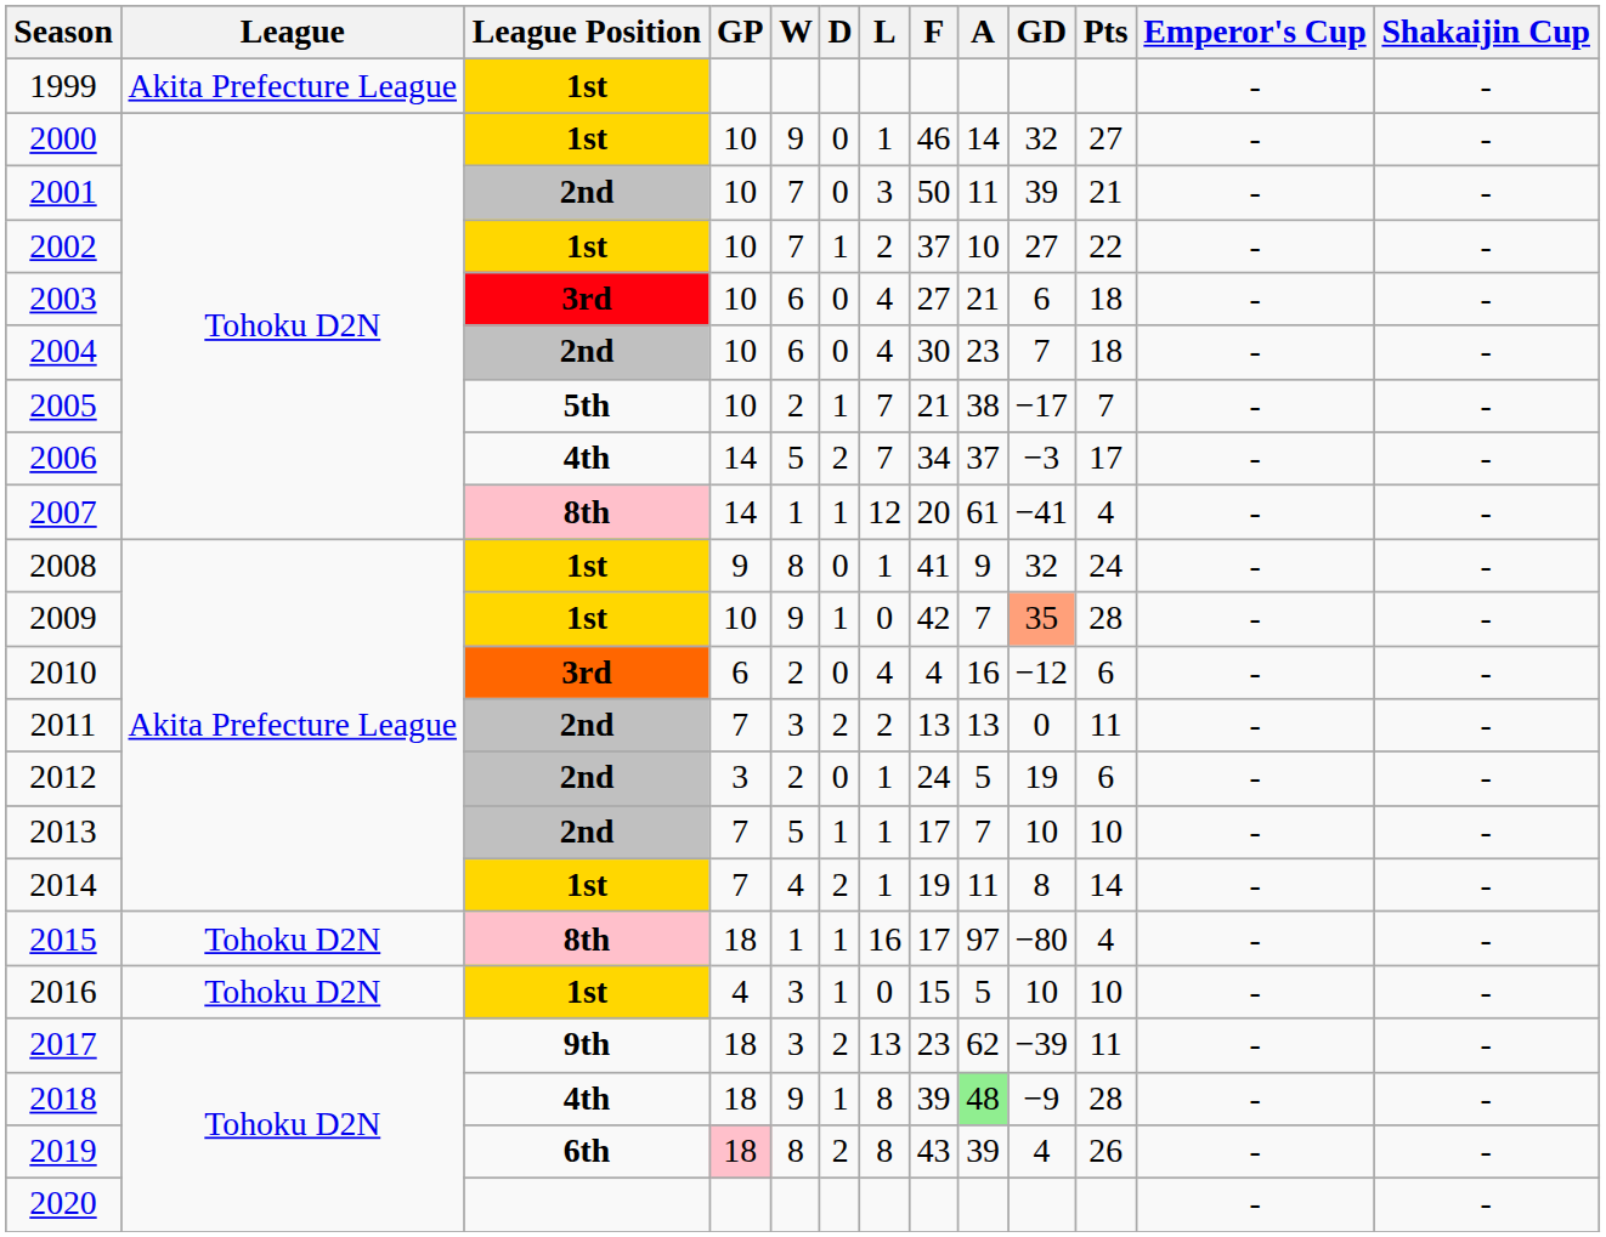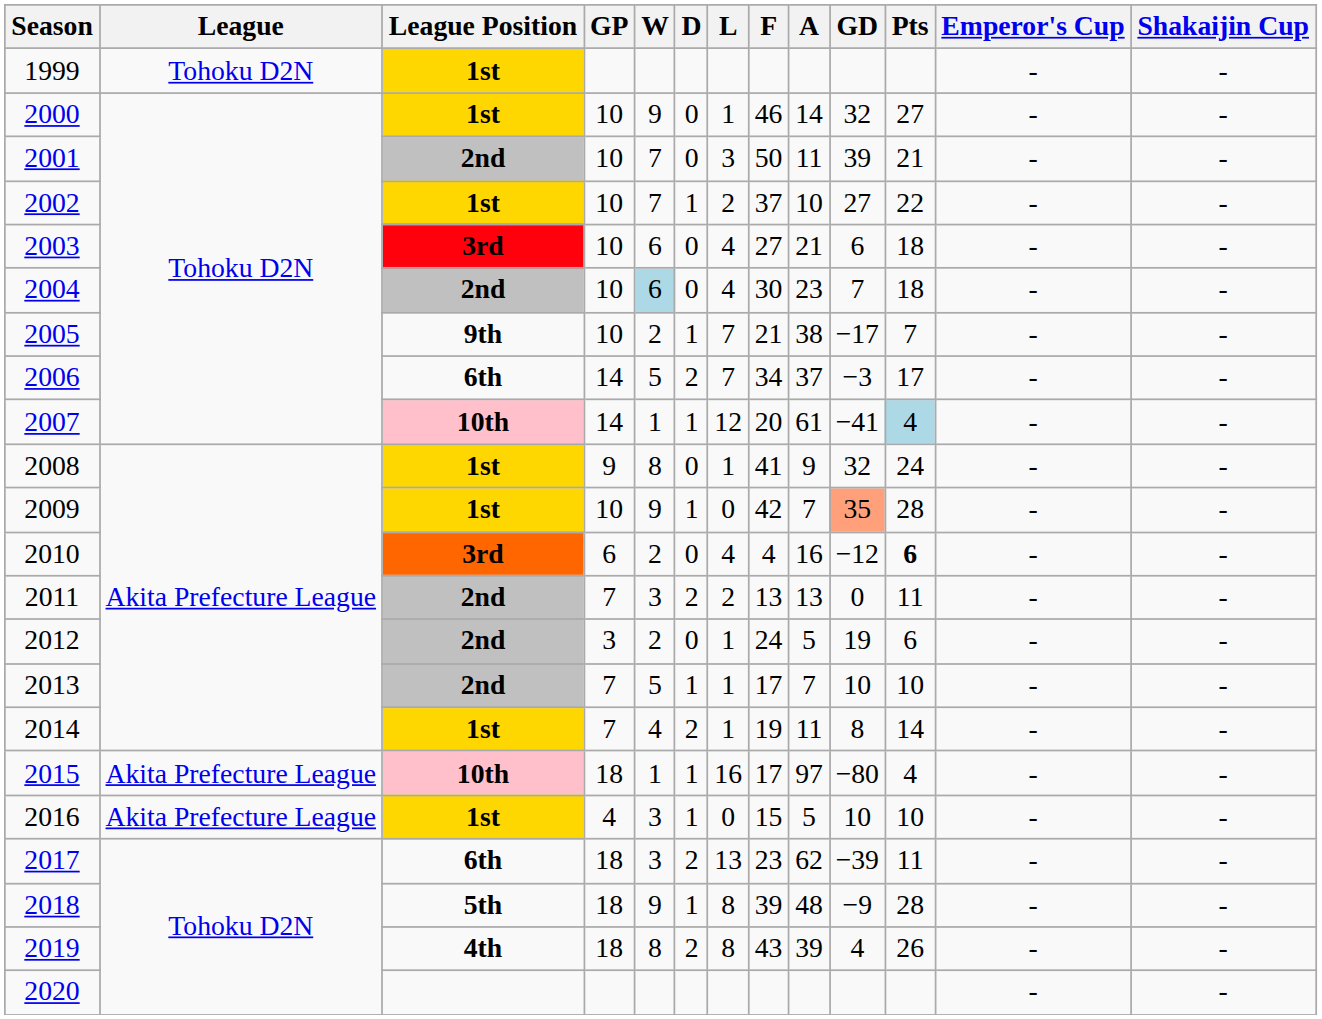 <table class="wikitable" style="text-align:center;">
 <tr>
 <th>Season</th>
 <th>League</th>
 <th>League Position</th>
 <th>GP</th>
 <th>W</th>
 <th>D</th>
 <th>L</th>
 <th>F</th>
 <th>A</th>
 <th>GD</th>
 <th>Pts</th>
 <th><a href='#'>Emperor's Cup</a></th>
 <th><a href='#'>Shakaijin Cup</a></th>
 </tr>
 <tr>
 <td>1999</td>
-<td><a href='#'>Akita Prefecture League</a></td>
+<td><a href='#'>Tohoku D2N</a></td>
 <td bgcolor=Gold><strong>1st</strong></td>
 <td></td>
 <td></td>
 <td></td>
 <td></td>
 <td></td>
 <td></td>
 <td></td>
 <td></td>
 <td>-</td>
 <td>-</td>
 </tr>
 <tr>
 <td><a href='#'>2000</a></td>
 <td rowspan="8"><a href='#'>Tohoku D2N</a></td>
 <td bgcolor=Gold><strong>1st</strong></td>
 <td>10</td>
 <td>9</td>
 <td>0</td>
 <td>1</td>
 <td>46</td>
 <td>14</td>
 <td>32</td>
 <td>27</td>
 <td>-</td>
 <td>-</td>
 </tr>
 <tr>
 <td><a href='#'>2001</a></td>
 <td bgcolor=silver><strong>2nd</strong></td>
 <td>10</td>
 <td>7</td>
 <td>0</td>
 <td>3</td>
 <td>50</td>
 <td>11</td>
 <td>39</td>
 <td>21</td>
 <td>-</td>
 <td>-</td>
 </tr>
 <tr>
 <td><a href='#'>2002</a></td>
 <td bgcolor=gold><strong>1st</strong></td>
 <td>10</td>
 <td>7</td>
 <td>1</td>
 <td>2</td>
 <td>37</td>
 <td>10</td>
 <td>27</td>
 <td>22</td>
 <td>-</td>
 <td>-</td>
 </tr>
 <tr>
 <td><a href='#'>2003</a></td>
 <td bgcolor=ff6600gold><strong>3rd</strong></td>
 <td>10</td>
 <td>6</td>
 <td>0</td>
 <td>4</td>
 <td>27</td>
 <td>21</td>
 <td>6</td>
 <td>18</td>
 <td>-</td>
 <td>-</td>
 </tr>
 <tr>
 <td><a href='#'>2004</a></td>
 <td bgcolor=silver><strong>2nd</strong></td>
 <td>10</td>
-<td>6</td>
+<td style="background: lightblue;">6</td>
 <td>0</td>
 <td>4</td>
 <td>30</td>
 <td>23</td>
 <td>7</td>
 <td>18</td>
 <td>-</td>
 <td>-</td>
 </tr>
 <tr>
 <td><a href='#'>2005</a></td>
-<td><strong>5th</strong></td>
+<td><strong>9th</strong></td>
 <td>10</td>
 <td>2</td>
 <td>1</td>
 <td>7</td>
 <td>21</td>
 <td>38</td>
 <td>−17</td>
 <td>7</td>
 <td>-</td>
 <td>-</td>
 </tr>
 <tr>
 <td><a href='#'>2006</a></td>
-<td><strong>4th</strong></td>
+<td><strong>6th</strong></td>
 <td>14</td>
 <td>5</td>
 <td>2</td>
 <td>7</td>
 <td>34</td>
 <td>37</td>
 <td>−3</td>
 <td>17</td>
 <td>-</td>
 <td>-</td>
 </tr>
 <tr>
 <td><a href='#'>2007</a></td>
-<td bgcolor=pink><strong>8th</strong></td>
+<td bgcolor=pink><strong>10th</strong></td>
 <td>14</td>
 <td>1</td>
 <td>1</td>
 <td>12</td>
 <td>20</td>
 <td>61</td>
 <td>−41</td>
-<td>4</td>
+<td style="background: lightblue;">4</td>
 <td>-</td>
 <td>-</td>
 </tr>
 <tr>
 <td>2008</td>
 <td rowspan="7"><a href='#'>Akita Prefecture League</a></td>
 <td bgcolor=gold><strong>1st</strong></td>
 <td>9</td>
 <td>8</td>
 <td>0</td>
 <td>1</td>
 <td>41</td>
 <td>9</td>
 <td>32</td>
 <td>24</td>
 <td>-</td>
 <td>-</td>
 </tr>
 <tr>
 <td>2009</td>
 <td bgcolor=gold><strong>1st</strong></td>
 <td>10</td>
 <td>9</td>
 <td>1</td>
 <td>0</td>
 <td>42</td>
 <td>7</td>
 <td style="background: lightsalmon;">35</td>
 <td>28</td>
 <td>-</td>
 <td>-</td>
 </tr>
 <tr>
 <td>2010</td>
 <td bgcolor=ff6600><strong>3rd</strong></td>
 <td>6</td>
 <td>2</td>
 <td>0</td>
 <td>4</td>
 <td>4</td>
 <td>16</td>
 <td>−12</td>
-<td>6</td>
+<td><strong>6</strong></td>
 <td>-</td>
 <td>-</td>
 </tr>
 <tr>
 <td>2011</td>
 <td bgcolor=silver><strong>2nd</strong></td>
 <td>7</td>
 <td>3</td>
 <td>2</td>
 <td>2</td>
 <td>13</td>
 <td>13</td>
 <td>0</td>
 <td>11</td>
 <td>-</td>
 <td>-</td>
 </tr>
 <tr>
 <td>2012</td>
 <td bgcolor=silver><strong>2nd</strong></td>
 <td>3</td>
 <td>2</td>
 <td>0</td>
 <td>1</td>
 <td>24</td>
 <td>5</td>
 <td>19</td>
 <td>6</td>
 <td>-</td>
 <td>-</td>
 </tr>
 <tr>
 <td>2013</td>
 <td bgcolor=silver><strong>2nd</strong></td>
 <td>7</td>
 <td>5</td>
 <td>1</td>
 <td>1</td>
 <td>17</td>
 <td>7</td>
 <td>10</td>
 <td>10</td>
 <td>-</td>
 <td>-</td>
 </tr>
 <tr>
 <td>2014</td>
 <td bgcolor=gold><strong>1st</strong></td>
 <td>7</td>
 <td>4</td>
 <td>2</td>
 <td>1</td>
 <td>19</td>
 <td>11</td>
 <td>8</td>
 <td>14</td>
 <td>-</td>
 <td>-</td>
 </tr>
 <tr>
 <td><a href='#'>2015</a></td>
-<td><a href='#'>Tohoku D2N</a></td>
-<td bgcolor=pink><strong>8th</strong></td>
+<td><a href='#'>Akita Prefecture League</a></td>
+<td bgcolor=pink><strong>10th</strong></td>
 <td>18</td>
 <td>1</td>
 <td>1</td>
 <td>16</td>
 <td>17</td>
 <td>97</td>
 <td>−80</td>
 <td>4</td>
 <td>-</td>
 <td>-</td>
 </tr>
 <tr>
 <td>2016</td>
-<td><a href='#'>Tohoku D2N</a></td>
+<td><a href='#'>Akita Prefecture League</a></td>
 <td bgcolor=gold><strong>1st</strong></td>
 <td>4</td>
 <td>3</td>
 <td>1</td>
 <td>0</td>
 <td>15</td>
 <td>5</td>
 <td>10</td>
 <td>10</td>
 <td>-</td>
 <td>-</td>
 </tr>
 <tr>
 <td><a href='#'>2017</a></td>
 <td rowspan="4"><a href='#'>Tohoku D2N</a></td>
-<td><strong>9th</strong></td>
+<td><strong>6th</strong></td>
 <td>18</td>
 <td>3</td>
 <td>2</td>
 <td>13</td>
 <td>23</td>
 <td>62</td>
 <td>−39</td>
 <td>11</td>
 <td>-</td>
 <td>-</td>
 </tr>
 <tr>
 <td><a href='#'>2018</a></td>
-<td><strong>4th</strong></td>
+<td><strong>5th</strong></td>
 <td>18</td>
 <td>9</td>
 <td>1</td>
 <td>8</td>
 <td>39</td>
-<td style="background: lightgreen;">48</td>
+<td>48</td>
 <td>−9</td>
 <td>28</td>
 <td>-</td>
 <td>-</td>
 </tr>
 <tr>
 <td><a href='#'>2019</a></td>
-<td><strong>6th</strong></td>
-<td style="background: pink;">18</td>
+<td><strong>4th</strong></td>
+<td>18</td>
 <td>8</td>
 <td>2</td>
 <td>8</td>
 <td>43</td>
 <td>39</td>
 <td>4</td>
 <td>26</td>
 <td>-</td>
 <td>-</td>
 </tr>
 <tr>
 <td><a href='#'>2020</a></td>
 <td></td>
 <td></td>
 <td></td>
 <td></td>
 <td></td>
 <td></td>
 <td></td>
 <td></td>
 <td></td>
 <td>-</td>
 <td>-</td>
 </tr>
 <tr>
 </tr>
 </table>
